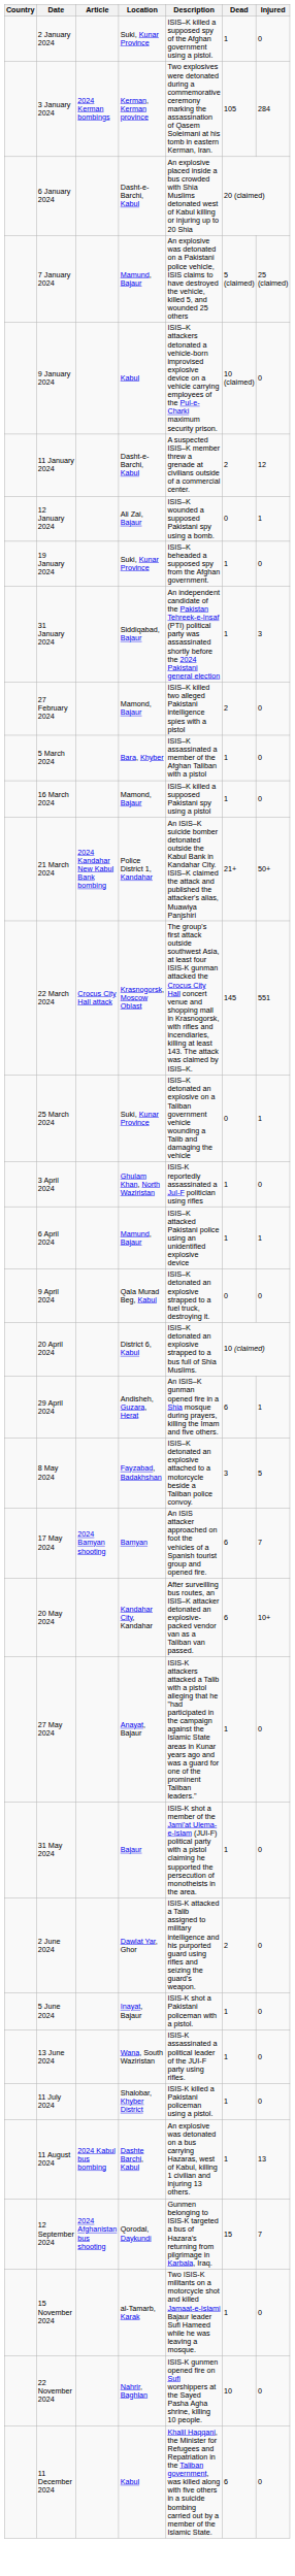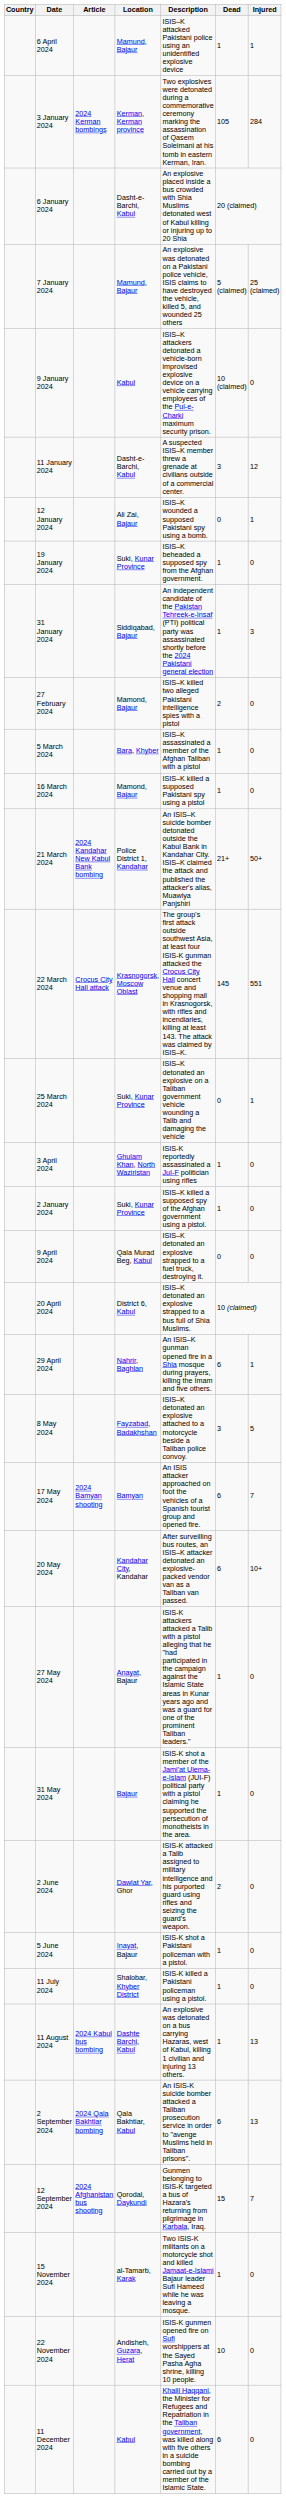 <table class="wikitable sortable mw-collapsible">
 <tr>
 <th>Country</th>
 <th>Date</th>
 <th>Article</th>
 <th>Location</th>
 <th class="unsortable">Description</th>
 <th data-sort-type="number">Dead</th>
 <th data-sort-type="number">Injured</th>
 </tr>
 <tr>
 <td></td>
-<td>2 January 2024</td>
+<td>6 April 2024</td>
 <td></td>
-<td>Suki, <a href='#'>Kunar Province</a></td>
-<td>ISIS–K killed a supposed spy of the Afghan government using a pistol.</td>
+<td><a href='#'>Mamund</a>, <a href='#'>Bajaur</a></td>
+<td>ISIS–K attacked Pakistani police using an unidentified explosive device</td>
 <td>1</td>
-<td>0</td>
+<td>1</td>
 </tr>
 <tr>
 <td></td>
 <td>3 January 2024</td>
 <td><a href='#'>2024 Kerman bombings</a></td>
 <td><a href='#'>Kerman</a>, <a href='#'>Kerman province</a></td>
 <td>Two explosives were detonated during a commemorative ceremony marking the assassination of Qasem Soleimani at his tomb in eastern Kerman, Iran.</td>
 <td>105</td>
 <td>284</td>
 </tr>
 <tr>
 <td></td>
 <td>6 January 2024</td>
 <td></td>
 <td>Dasht-e-Barchi, <a href='#'>Kabul</a></td>
 <td>An explosive placed inside a bus crowded with Shia Muslims detonated west of Kabul killing or injuring up to 20 Shia</td>
 <td colspan="2">20 (claimed)</td>
 </tr>
 <tr>
 <td></td>
 <td>7 January 2024</td>
 <td></td>
 <td><a href='#'>Mamund</a>, <a href='#'>Bajaur</a></td>
 <td>An explosive was detonated on a Pakistani police vehicle, ISIS claims to have destroyed the vehicle, killed 5, and wounded 25 others</td>
 <td>5 (claimed)</td>
 <td>25 (claimed)</td>
 </tr>
 <tr>
 <td></td>
 <td>9 January 2024</td>
 <td></td>
 <td><a href='#'>Kabul</a></td>
 <td>ISIS–K attackers detonated a vehicle-born improvised explosive device on a vehicle carrying employees of the <a href='#'>Pul-e-Charki</a> maximum security prison.</td>
 <td>10 (claimed)</td>
 <td>0</td>
 </tr>
 <tr>
 <td></td>
 <td>11 January 2024</td>
 <td></td>
 <td>Dasht-e-Barchi, <a href='#'>Kabul</a></td>
 <td>A suspected ISIS–K member threw a grenade at civilians outside of a commercial center.</td>
-<td>2</td>
+<td>3</td>
 <td>12</td>
 </tr>
 <tr>
 <td></td>
 <td>12 January 2024</td>
 <td></td>
 <td>Ali Zai, <a href='#'>Bajaur</a></td>
 <td>ISIS–K wounded a supposed Pakistani spy using a bomb.</td>
 <td>0</td>
 <td>1</td>
 </tr>
 <tr>
 <td></td>
 <td>19 January 2024</td>
 <td></td>
 <td>Suki, <a href='#'>Kunar Province</a></td>
 <td>ISIS–K beheaded a supposed spy from the Afghan government.</td>
 <td>1</td>
 <td>0</td>
 </tr>
 <tr>
 <td></td>
 <td>31 January 2024</td>
 <td></td>
 <td>Siddiqabad, <a href='#'>Bajaur</a></td>
 <td>An independent candidate of the <a href='#'>Pakistan Tehreek-e-Insaf</a> (PTI) political party was assassinated shortly before the <a href='#'>2024 Pakistani general election</a></td>
 <td>1</td>
 <td>3</td>
 </tr>
 <tr>
 <td></td>
 <td>27 February 2024</td>
 <td></td>
 <td>Mamond, <a href='#'>Bajaur</a></td>
 <td>ISIS–K killed two alleged Pakistani intelligence spies with a pistol</td>
 <td>2</td>
 <td>0</td>
 </tr>
 <tr>
 <td></td>
 <td>5 March 2024</td>
 <td></td>
 <td><a href='#'>Bara</a>, <a href='#'>Khyber</a></td>
 <td>ISIS–K assassinated a member of the Afghan Taliban with a pistol</td>
 <td>1</td>
 <td>0</td>
 </tr>
 <tr>
 <td></td>
 <td>16 March 2024</td>
 <td></td>
 <td>Mamond, <a href='#'>Bajaur</a></td>
 <td>ISIS–K killed a supposed Pakistani spy using a pistol</td>
 <td>1</td>
 <td>0</td>
 </tr>
 <tr>
 <td></td>
 <td>21 March 2024</td>
 <td><a href='#'>2024 Kandahar New Kabul Bank bombing</a></td>
 <td>Police District 1, <a href='#'>Kandahar</a></td>
 <td>An ISIS–K suicide bomber detonated outside the Kabul Bank in Kandahar City. ISIS–K claimed the attack and published the attacker's alias, Muawiya Panjshiri</td>
 <td>21+</td>
 <td>50+</td>
 </tr>
 <tr>
 <td></td>
 <td>22 March 2024</td>
 <td><a href='#'>Crocus City Hall attack</a></td>
 <td><a href='#'>Krasnogorsk</a>, <a href='#'>Moscow Oblast</a></td>
 <td>The group's first attack outside southwest Asia, at least four ISIS-K gunman attacked the <a href='#'>Crocus City Hall</a> concert venue and shopping mall in Krasnogorsk, with rifles and incendiaries, killing at least 143. The attack was claimed by ISIS–K.</td>
 <td>145</td>
 <td>551</td>
 </tr>
 <tr>
 <td></td>
 <td>25 March 2024</td>
 <td></td>
 <td>Suki, <a href='#'>Kunar Province</a></td>
 <td>ISIS–K detonated an explosive on a Taliban government vehicle wounding a Talib and damaging the vehicle</td>
 <td>0</td>
 <td>1</td>
 </tr>
 <tr>
 <td></td>
 <td>3 April 2024</td>
 <td></td>
 <td><a href='#'>Ghulam Khan</a>, <a href='#'>North Waziristan</a></td>
 <td>ISIS-K reportedly assassinated a <a href='#'>JuI-F</a> politician using rifles</td>
 <td>1</td>
 <td>0</td>
 </tr>
 <tr>
 <td></td>
-<td>6 April 2024</td>
+<td>2 January 2024</td>
 <td></td>
-<td><a href='#'>Mamund</a>, <a href='#'>Bajaur</a></td>
-<td>ISIS–K attacked Pakistani police using an unidentified explosive device</td>
+<td>Suki, <a href='#'>Kunar Province</a></td>
+<td>ISIS–K killed a supposed spy of the Afghan government using a pistol.</td>
 <td>1</td>
-<td>1</td>
+<td>0</td>
 </tr>
 <tr>
 <td></td>
 <td>9 April 2024</td>
 <td></td>
 <td>Qala Murad Beg, <a href='#'>Kabul</a></td>
 <td>ISIS–K detonated an explosive strapped to a fuel truck, destroying it.</td>
 <td>0</td>
 <td>0</td>
 </tr>
 <tr>
 <td></td>
 <td>20 April 2024</td>
 <td></td>
 <td>District 6, <a href='#'>Kabul</a></td>
 <td>ISIS–K detonated an explosive strapped to a bus full of Shia Muslims.</td>
 <td colspan="2">10 <em>(claimed)</em></td>
 </tr>
 <tr>
 <td></td>
 <td>29 April 2024</td>
 <td></td>
-<td>Andisheh, <a href='#'>Guzara</a>, <a href='#'>Herat</a></td>
+<td><a href='#'>Nahrir</a>, <a href='#'>Baghlan</a></td>
 <td>An ISIS–K gunman opened fire in a <a href='#'>Shia</a> mosque during prayers, killing the Imam and five others.</td>
 <td>6</td>
 <td>1</td>
 </tr>
 <tr>
 <td></td>
 <td>8 May 2024</td>
 <td></td>
 <td><a href='#'>Fayzabad</a>, <a href='#'>Badakhshan</a></td>
 <td>ISIS–K detonated an explosive attached to a motorcycle beside a Taliban police convoy.</td>
 <td>3</td>
 <td>5</td>
 </tr>
 <tr>
 <td></td>
 <td>17 May 2024</td>
 <td><a href='#'>2024 Bamyan shooting</a></td>
 <td><a href='#'>Bamyan</a></td>
 <td>An ISIS attacker approached on foot the vehicles of a Spanish tourist group and opened fire.</td>
 <td>6</td>
 <td>7</td>
 </tr>
 <tr>
 <td></td>
 <td>20 May 2024</td>
 <td></td>
 <td><a href='#'>Kandahar City</a>, Kandahar</td>
 <td>After surveilling bus routes, an ISIS–K attacker detonated an explosive-packed vendor van as a Taliban van passed.</td>
 <td>6</td>
 <td>10+</td>
 </tr>
 <tr>
 <td></td>
 <td>27 May 2024</td>
 <td></td>
 <td><a href='#'>Anayat</a>, Bajaur</td>
 <td>ISIS-K attackers attacked a Talib with a pistol alleging that he "had participated in the campaign against the Islamic State areas in Kunar years ago and was a guard for one of the prominent Taliban leaders."</td>
 <td>1</td>
 <td>0</td>
 </tr>
 <tr>
 <td></td>
 <td>31 May 2024</td>
 <td></td>
 <td><a href='#'>Bajaur</a></td>
 <td>ISIS-K shot a member of the <a href='#'>Jami'at Ulema-e-Islam</a> (JUI-F) political party with a pistol claiming he supported the persecution of monotheists in the area.</td>
 <td>1</td>
 <td>0</td>
 </tr>
 <tr>
 <td></td>
 <td>2 June 2024</td>
 <td></td>
 <td><a href='#'>Dawlat Yar</a>, Ghor</td>
 <td>ISIS-K attacked a Talib assigned to military intelligence and his purported guard using rifles and seizing the guard's weapon.</td>
 <td>2</td>
 <td>0</td>
 </tr>
 <tr>
 <td></td>
 <td>5 June 2024</td>
 <td></td>
 <td><a href='#'>Inayat</a>, Bajaur</td>
 <td>ISIS-K shot a Pakistani policeman with a pistol.</td>
 <td>1</td>
 <td>0</td>
 </tr>
 <tr>
 <td></td>
-<td>13 June 2024</td>
-<td></td>
-<td><a href='#'>Wana</a>, South Waziristan</td>
-<td>ISIS-K assassinated a political leader of the JUI-F party using rifles.</td>
-<td>1</td>
-<td>0</td>
-</tr>
-<tr>
-<td></td>
 <td>11 July 2024</td>
 <td></td>
 <td>Shalobar, <a href='#'>Khyber District</a></td>
 <td>ISIS-K killed a Pakistani policeman using a pistol.</td>
 <td>1</td>
 <td>0</td>
 </tr>
 <tr>
 <td></td>
 <td>11 August 2024</td>
 <td><a href='#'>2024 Kabul bus bombing</a></td>
 <td><a href='#'>Dashte Barchi</a>, <a href='#'>Kabul</a></td>
 <td>An explosive was detonated on a bus carrying Hazaras, west of Kabul, killing 1 civilian and injuring 13 others.</td>
 <td>1</td>
+<td>13</td>
+</tr>
+<tr>
+<td></td>
+<td>2 September 2024</td>
+<td><a href='#'>2024 Qala Bakhtiar bombing</a></td>
+<td>Qala Bakhtiar, <a href='#'>Kabul</a></td>
+<td>An ISIS-K suicide bomber attacked a Taliban prosecution service in order to "avenge Muslims held in Taliban prisons".</td>
+<td>6</td>
 <td>13</td>
 </tr>
 <tr>
 <td></td>
 <td>12 September 2024</td>
 <td><a href='#'>2024 Afghanistan bus shooting</a></td>
 <td>Qorodal, <a href='#'>Daykundi</a></td>
 <td>Gunmen belonging to ISIS-K targeted a bus of Hazara's returning from pilgrimage in <a href='#'>Karbala</a>, Iraq.</td>
 <td>15</td>
 <td>7</td>
 </tr>
 <tr>
 <td></td>
 <td>15 November 2024</td>
 <td></td>
 <td>al-Tamarb, <a href='#'>Karak</a></td>
 <td>Two ISIS-K militants on a motorcycle shot and killed <a href='#'>Jamaat-e-Islami</a> Bajaur leader Sufi Hameed while he was leaving a mosque.</td>
 <td>1</td>
 <td>0</td>
 </tr>
 <tr>
 <td></td>
 <td>22 November 2024</td>
 <td></td>
-<td><a href='#'>Nahrir</a>, <a href='#'>Baghlan</a></td>
+<td>Andisheh, <a href='#'>Guzara</a>, <a href='#'>Herat</a></td>
 <td>ISIS-K gunmen opened fire on <a href='#'>Sufi</a> worshippers at the Sayed Pasha Agha shrine, killing 10 people.</td>
 <td>10</td>
 <td>0</td>
 </tr>
 <tr>
 <td></td>
 <td>11 December 2024</td>
 <td></td>
 <td><a href='#'>Kabul</a></td>
 <td><a href='#'>Khalil Haqqani</a>, the Minister for Refugees and Repatriation in the <a href='#'>Taliban government</a>, was killed along with five others in a suicide bombing carried out by a member of the Islamic State.</td>
 <td>6</td>
 <td>0</td>
 </tr>
 </table>
